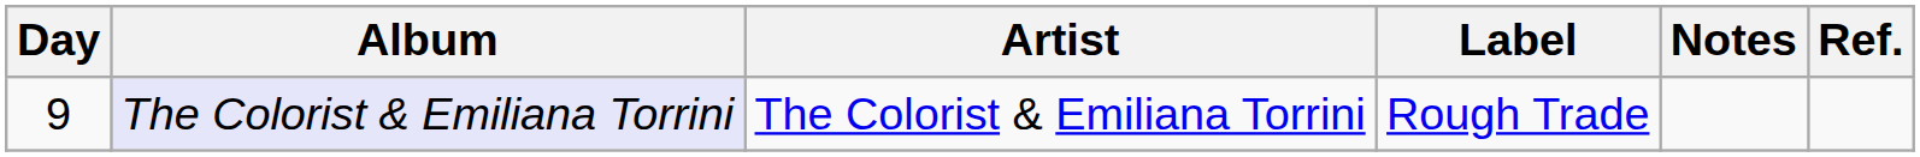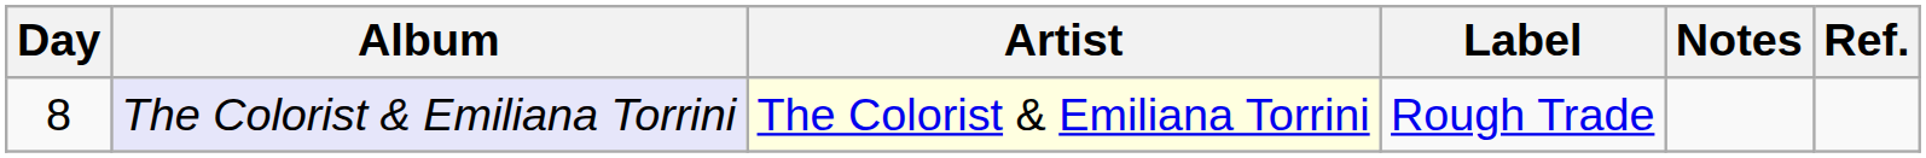 <table class="wikitable">
 <tr>
 <th>Day</th>
 <th>Album</th>
 <th>Artist</th>
 <th>Label</th>
 <th>Notes</th>
 <th>Ref.</th>
 </tr>
 <tr>
-<td rowspan="1" style="text-align:center;">9</td>
+<td rowspan="1" style="text-align:center;">8</td>
 <td style="background: lavender;"><em>The Colorist & Emiliana Torrini</em></td>
-<td><a href='#'>The Colorist</a> & <a href='#'>Emiliana Torrini</a></td>
+<td style="background: lightyellow;"><a href='#'>The Colorist</a> & <a href='#'>Emiliana Torrini</a></td>
 <td><a href='#'>Rough Trade</a></td>
 <td></td>
 <td style="text-align:center;"></td>
 </tr>
 </table>
